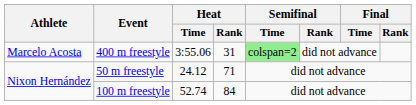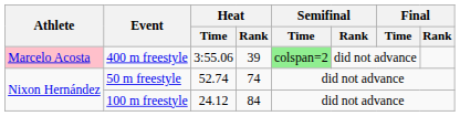 <table class=wikitable style="font-size:90%">
 <tr>
 <th rowspan="2">Athlete</th>
 <th rowspan="2">Event</th>
 <th colspan="2">Heat</th>
 <th colspan="2">Semifinal</th>
 <th colspan="2">Final</th>
 </tr>
 <tr style="font-size:95%">
 <th>Time</th>
 <th>Rank</th>
 <th>Time</th>
 <th>Rank</th>
 <th>Time</th>
 <th>Rank</th>
 </tr>
 <tr align=center>
-<td align=left><a href='#'>Marcelo Acosta</a></td>
+<td align=left style="background: pink;"><a href='#'>Marcelo Acosta</a></td>
 <td align=left><a href='#'>400 m freestyle</a></td>
 <td>3:55.06</td>
-<td>31</td>
+<td>39</td>
 <td style="background: lightgreen;">colspan=2</td>
 <td colspan=2>did not advance</td>
 </tr>
 <tr align=center>
 <td align=left rowspan=2><a href='#'>Nixon Hernández</a></td>
 <td align=left><a href='#'>50 m freestyle</a></td>
-<td>24.12</td>
-<td>71</td>
+<td>52.74</td>
+<td>74</td>
 <td colspan=4>did not advance</td>
 </tr>
 <tr align=center>
 <td align=left><a href='#'>100 m freestyle</a></td>
-<td>52.74</td>
+<td>24.12</td>
 <td>84</td>
 <td colspan=4>did not advance</td>
 </tr>
 </table>
